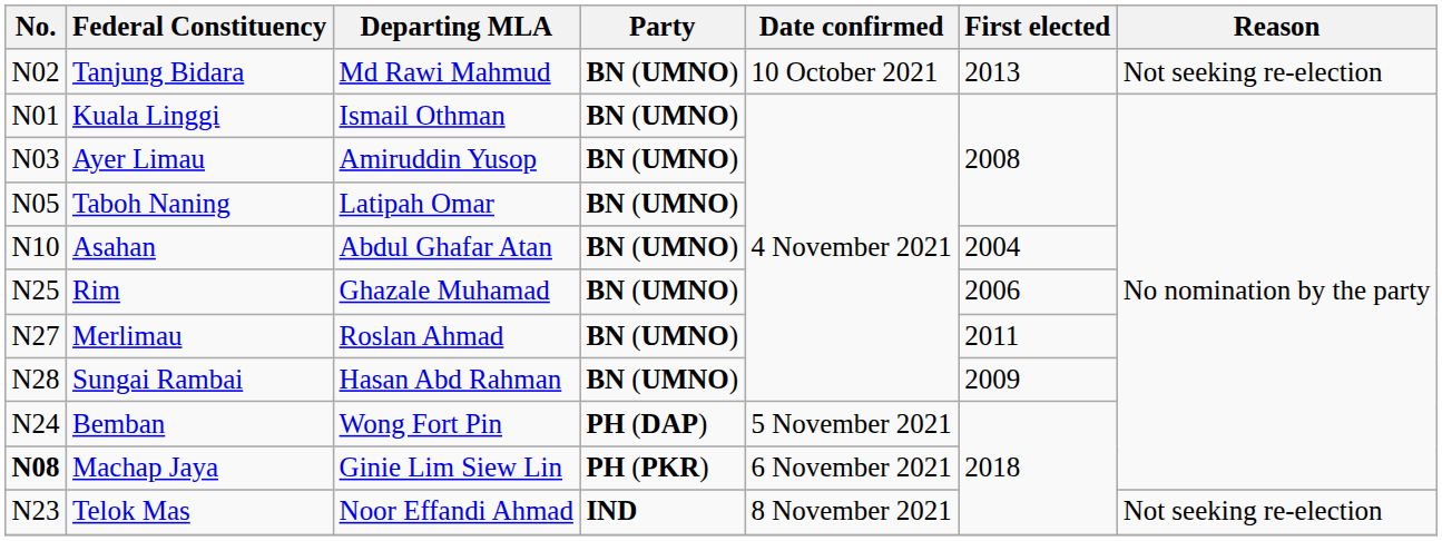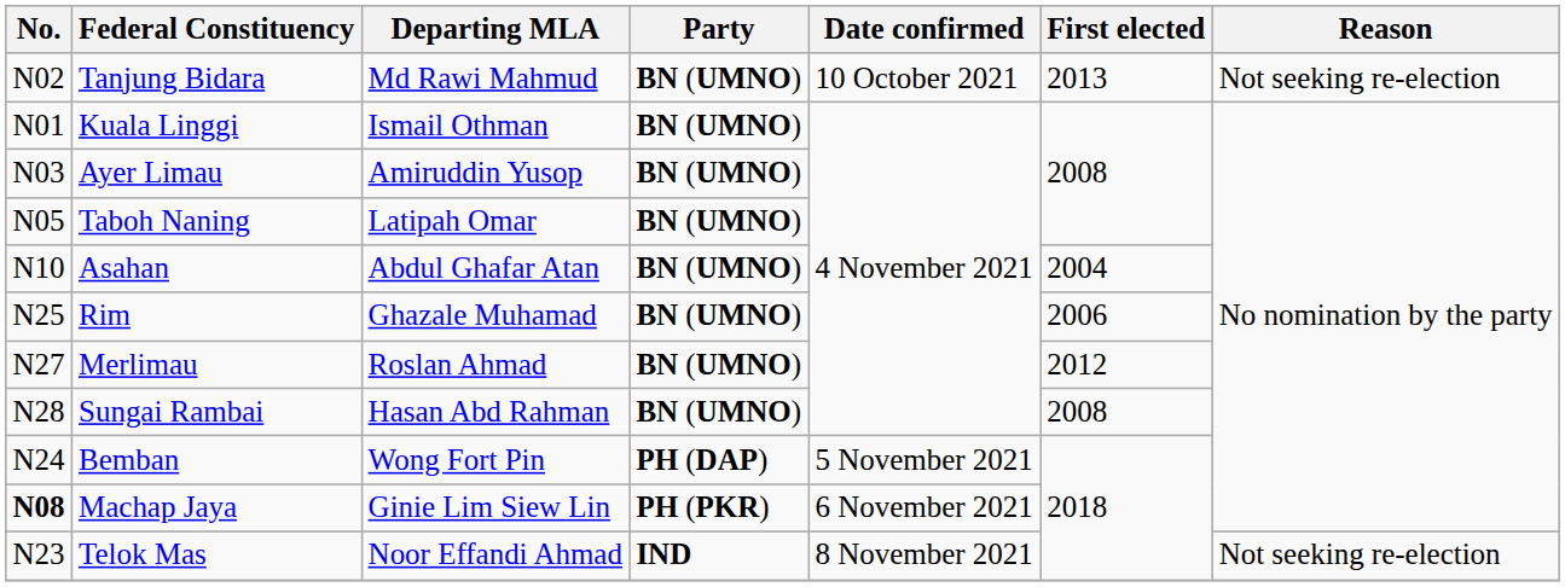 <table class="wikitable">
 <tr>
 <th>No.</th>
 <th>Federal Constituency</th>
 <th>Departing MLA</th>
 <th>Party</th>
 <th>Date confirmed</th>
 <th>First elected</th>
 <th>Reason</th>
 </tr>
 <tr>
 <td>N02</td>
 <td><a href='#'>Tanjung Bidara</a></td>
 <td><a href='#'>Md Rawi Mahmud</a></td>
 <td><strong>BN</strong> (<strong>UMNO</strong>)</td>
 <td>10 October 2021</td>
 <td>2013</td>
 <td>Not seeking re-election</td>
 </tr>
 <tr>
 <td>N01</td>
 <td><a href='#'>Kuala Linggi</a></td>
 <td><a href='#'>Ismail Othman</a></td>
 <td><strong>BN</strong> (<strong>UMNO</strong>)</td>
 <td rowspan="7">4 November 2021</td>
 <td rowspan="3">2008</td>
 <td rowspan="9">No nomination by the party</td>
 </tr>
 <tr>
 <td>N03</td>
 <td><a href='#'>Ayer Limau</a></td>
 <td><a href='#'>Amiruddin Yusop</a></td>
 <td><strong>BN</strong> (<strong>UMNO</strong>)</td>
 </tr>
 <tr>
 <td>N05</td>
 <td><a href='#'>Taboh Naning</a></td>
 <td><a href='#'>Latipah Omar</a></td>
 <td><strong>BN</strong> (<strong>UMNO</strong>)</td>
 </tr>
 <tr>
 <td>N10</td>
 <td><a href='#'>Asahan</a></td>
 <td><a href='#'>Abdul Ghafar Atan</a></td>
 <td><strong>BN</strong> (<strong>UMNO</strong>)</td>
 <td>2004</td>
 </tr>
 <tr>
 <td>N25</td>
 <td><a href='#'>Rim</a></td>
 <td><a href='#'>Ghazale Muhamad</a></td>
 <td><strong>BN</strong> (<strong>UMNO</strong>)</td>
 <td>2006</td>
 </tr>
 <tr>
 <td>N27</td>
 <td><a href='#'>Merlimau</a></td>
 <td><a href='#'>Roslan Ahmad</a></td>
 <td><strong>BN</strong> (<strong>UMNO</strong>)</td>
-<td>2011</td>
+<td>2012</td>
 </tr>
 <tr>
 <td>N28</td>
 <td><a href='#'>Sungai Rambai</a></td>
 <td><a href='#'>Hasan Abd Rahman</a></td>
 <td><strong>BN</strong> (<strong>UMNO</strong>)</td>
-<td>2009</td>
+<td>2008</td>
 </tr>
 <tr>
 <td>N24</td>
 <td><a href='#'>Bemban</a></td>
 <td><a href='#'>Wong Fort Pin</a></td>
 <td><strong>PH</strong> (<strong>DAP</strong>)</td>
 <td>5 November 2021</td>
 <td rowspan="3">2018</td>
 </tr>
 <tr>
 <td><strong>N08</strong></td>
 <td><a href='#'>Machap Jaya</a></td>
 <td><a href='#'>Ginie Lim Siew Lin</a></td>
 <td><strong>PH</strong> (<strong>PKR</strong>)</td>
 <td>6 November 2021</td>
 </tr>
 <tr>
 <td>N23</td>
 <td><a href='#'>Telok Mas</a></td>
 <td><a href='#'>Noor Effandi Ahmad</a></td>
 <td><strong>IND</strong></td>
 <td>8 November 2021</td>
 <td>Not seeking re-election</td>
 </tr>
 <tr>
 </tr>
 </table>
